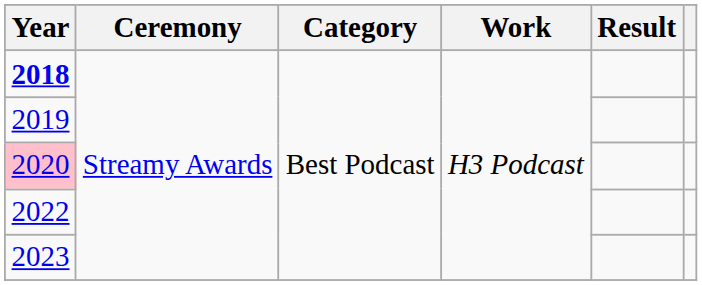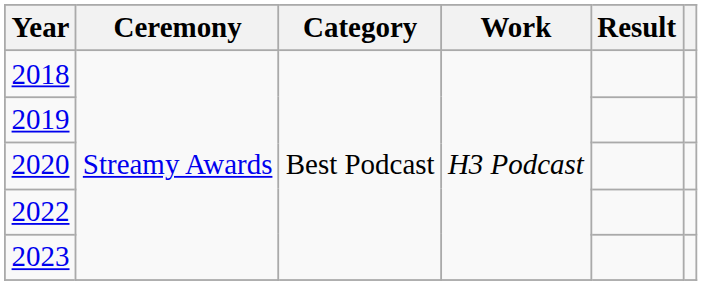 <table class="wikitable sortable">
 <tr>
 <th>Year</th>
 <th>Ceremony</th>
 <th>Category</th>
 <th>Work</th>
 <th>Result</th>
 <th class="unsortable"></th>
 </tr>
 <tr>
-<td><strong><a href='#'>2018</a></strong></td>
+<td><a href='#'>2018</a></td>
 <td rowspan="5"><a href='#'>Streamy Awards</a></td>
 <td rowspan="5">Best Podcast</td>
 <td rowspan="5"><em>H3 Podcast</em></td>
 <td></td>
 <td></td>
 </tr>
 <tr>
 <td><a href='#'>2019</a></td>
 <td></td>
 <td></td>
 </tr>
 <tr>
-<td style="background: pink;"><a href='#'>2020</a></td>
+<td><a href='#'>2020</a></td>
 <td></td>
 <td></td>
 </tr>
 <tr>
 <td><a href='#'>2022</a></td>
 <td></td>
 <td></td>
 </tr>
 <tr>
 <td><a href='#'>2023</a></td>
 <td></td>
 <td></td>
 </tr>
 </table>
